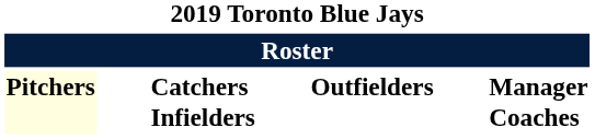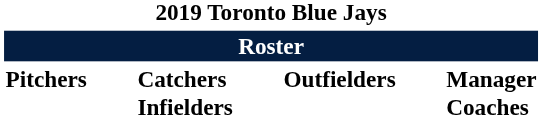 <table class="toccolours" style="font-size: 95%;">
 <tr http://upload.wikimedia.org/wikipedia/en/c/c8/Button_redirect.png>
 <th colspan="10">2019 Toronto Blue Jays</th>
 </tr>
 <tr>
 <td colspan="10" style="background:#041E42; color:white; text-align:center;"><strong>Roster</strong></td>
 </tr>
 <tr>
-<td valign="top" style="background: lightyellow;"><strong>Pitchers</strong><br>                                    </td>
+<td valign="top"><strong>Pitchers</strong><br>                                    </td>
 <td style="width:25px;"></td>
 <td valign="top"><strong>Catchers</strong><br>    <strong>Infielders</strong>           </td>
 <td style="width:25px;"></td>
 <td valign="top"><strong>Outfielders</strong><br>        </td>
 <td style="width:25px;"></td>
 <td valign="top"><strong>Manager</strong><br> <strong>Coaches</strong>                    </td>
 </tr>
 </table>
